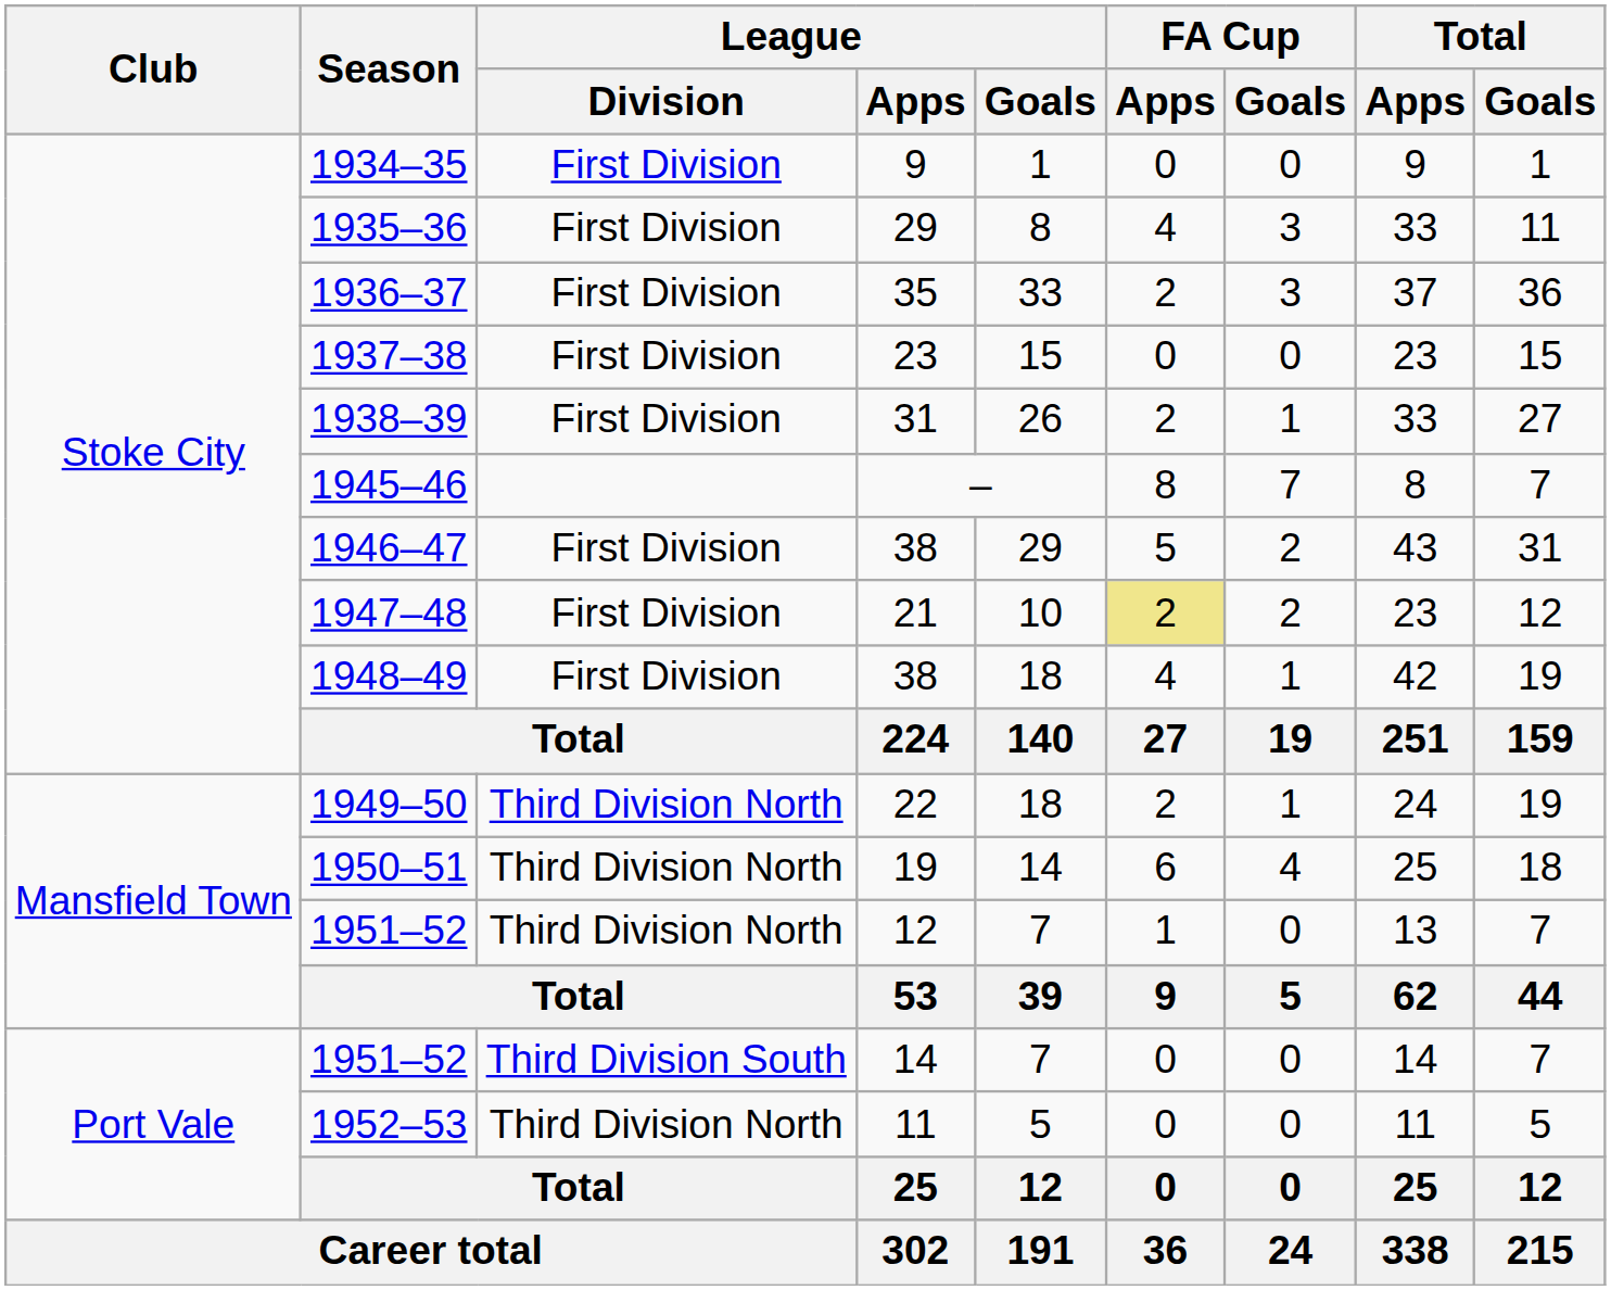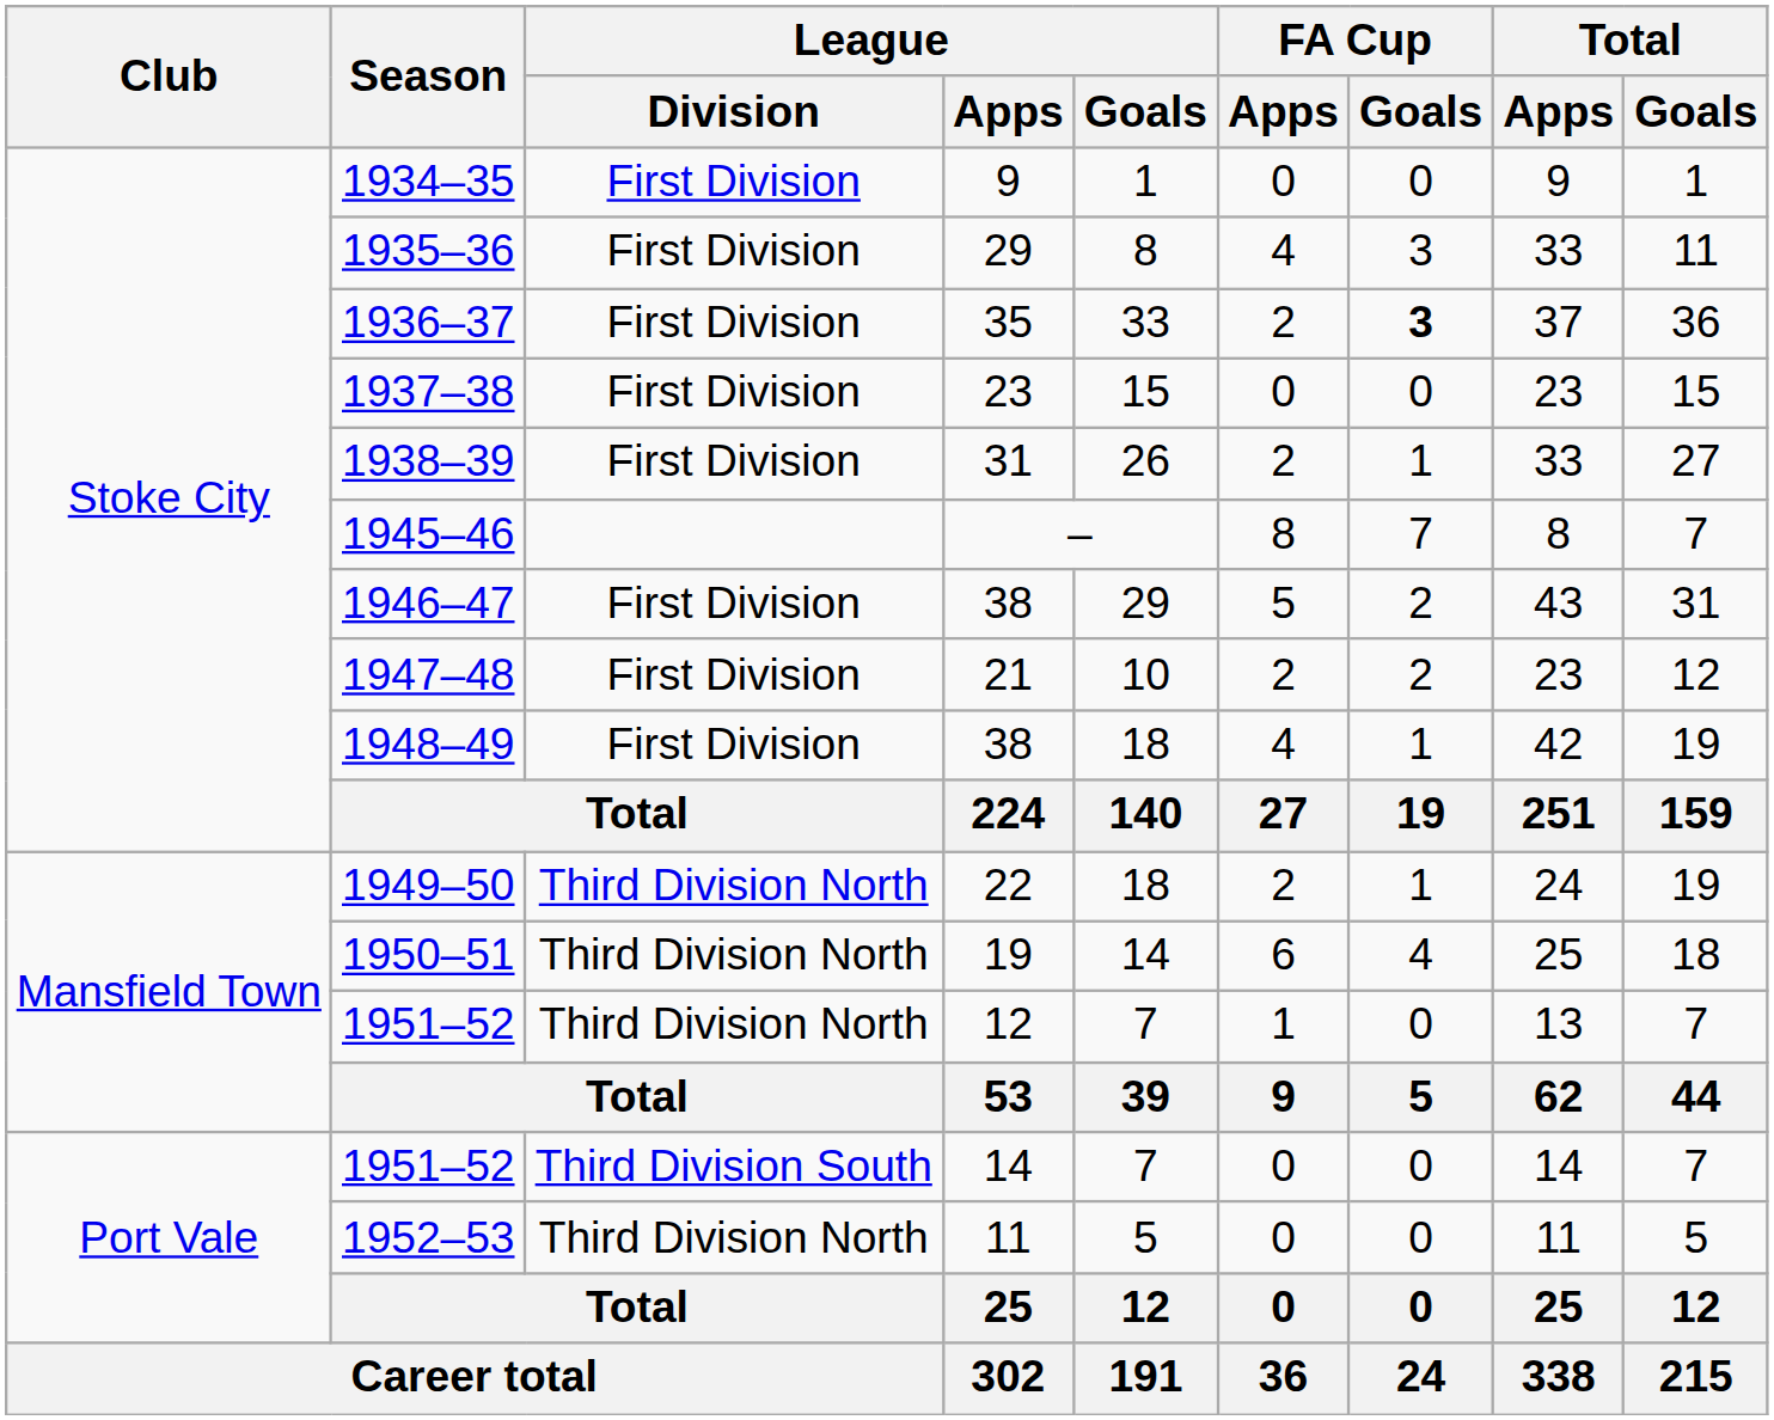 <table class="wikitable" style="text-align:center">
 <tr>
 <th rowspan="2">Club</th>
 <th rowspan="2">Season</th>
 <th colspan="3">League</th>
 <th colspan="2">FA Cup</th>
 <th colspan="2">Total</th>
 </tr>
 <tr>
 <th>Division</th>
 <th>Apps</th>
 <th>Goals</th>
 <th>Apps</th>
 <th>Goals</th>
 <th>Apps</th>
 <th>Goals</th>
 </tr>
 <tr>
 <td rowspan="10"><a href='#'>Stoke City</a></td>
 <td><a href='#'>1934–35</a></td>
 <td><a href='#'>First Division</a></td>
 <td>9</td>
 <td>1</td>
 <td>0</td>
 <td>0</td>
 <td>9</td>
 <td>1</td>
 </tr>
 <tr>
 <td><a href='#'>1935–36</a></td>
 <td>First Division</td>
 <td>29</td>
 <td>8</td>
 <td>4</td>
 <td>3</td>
 <td>33</td>
 <td>11</td>
 </tr>
 <tr>
 <td><a href='#'>1936–37</a></td>
 <td>First Division</td>
 <td>35</td>
 <td>33</td>
 <td>2</td>
-<td>3</td>
+<td><strong>3</strong></td>
 <td>37</td>
 <td>36</td>
 </tr>
 <tr>
 <td><a href='#'>1937–38</a></td>
 <td>First Division</td>
 <td>23</td>
 <td>15</td>
 <td>0</td>
 <td>0</td>
 <td>23</td>
 <td>15</td>
 </tr>
 <tr>
 <td><a href='#'>1938–39</a></td>
 <td>First Division</td>
 <td>31</td>
 <td>26</td>
 <td>2</td>
 <td>1</td>
 <td>33</td>
 <td>27</td>
 </tr>
 <tr>
 <td><a href='#'>1945–46</a></td>
 <td></td>
 <td colspan="2">–</td>
 <td>8</td>
 <td>7</td>
 <td>8</td>
 <td>7</td>
 </tr>
 <tr>
 <td><a href='#'>1946–47</a></td>
 <td>First Division</td>
 <td>38</td>
 <td>29</td>
 <td>5</td>
 <td>2</td>
 <td>43</td>
 <td>31</td>
 </tr>
 <tr>
 <td><a href='#'>1947–48</a></td>
 <td>First Division</td>
 <td>21</td>
 <td>10</td>
-<td style="background: khaki;">2</td>
+<td>2</td>
 <td>2</td>
 <td>23</td>
 <td>12</td>
 </tr>
 <tr>
 <td><a href='#'>1948–49</a></td>
 <td>First Division</td>
 <td>38</td>
 <td>18</td>
 <td>4</td>
 <td>1</td>
 <td>42</td>
 <td>19</td>
 </tr>
 <tr>
 <th colspan="2">Total</th>
 <th>224</th>
 <th>140</th>
 <th>27</th>
 <th>19</th>
 <th>251</th>
 <th>159</th>
 </tr>
 <tr>
 <td rowspan="4"><a href='#'>Mansfield Town</a></td>
 <td><a href='#'>1949–50</a></td>
 <td><a href='#'>Third Division North</a></td>
 <td>22</td>
 <td>18</td>
 <td>2</td>
 <td>1</td>
 <td>24</td>
 <td>19</td>
 </tr>
 <tr>
 <td><a href='#'>1950–51</a></td>
 <td>Third Division North</td>
 <td>19</td>
 <td>14</td>
 <td>6</td>
 <td>4</td>
 <td>25</td>
 <td>18</td>
 </tr>
 <tr>
 <td><a href='#'>1951–52</a></td>
 <td>Third Division North</td>
 <td>12</td>
 <td>7</td>
 <td>1</td>
 <td>0</td>
 <td>13</td>
 <td>7</td>
 </tr>
 <tr>
 <th colspan="2">Total</th>
 <th>53</th>
 <th>39</th>
 <th>9</th>
 <th>5</th>
 <th>62</th>
 <th>44</th>
 </tr>
 <tr>
 <td rowspan="3"><a href='#'>Port Vale</a></td>
 <td><a href='#'>1951–52</a></td>
 <td><a href='#'>Third Division South</a></td>
 <td>14</td>
 <td>7</td>
 <td>0</td>
 <td>0</td>
 <td>14</td>
 <td>7</td>
 </tr>
 <tr>
 <td><a href='#'>1952–53</a></td>
 <td>Third Division North</td>
 <td>11</td>
 <td>5</td>
 <td>0</td>
 <td>0</td>
 <td>11</td>
 <td>5</td>
 </tr>
 <tr>
 <th colspan="2">Total</th>
 <th>25</th>
 <th>12</th>
 <th>0</th>
 <th>0</th>
 <th>25</th>
 <th>12</th>
 </tr>
 <tr>
 <th colspan="3">Career total</th>
 <th>302</th>
 <th>191</th>
 <th>36</th>
 <th>24</th>
 <th>338</th>
 <th>215</th>
 </tr>
 </table>
